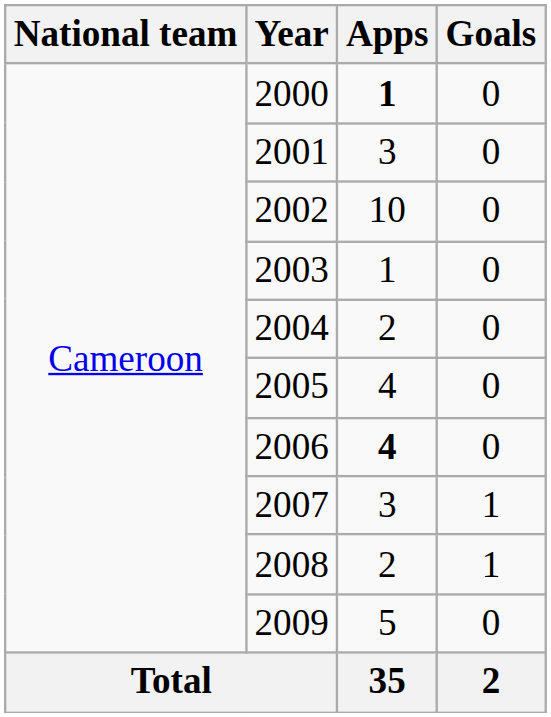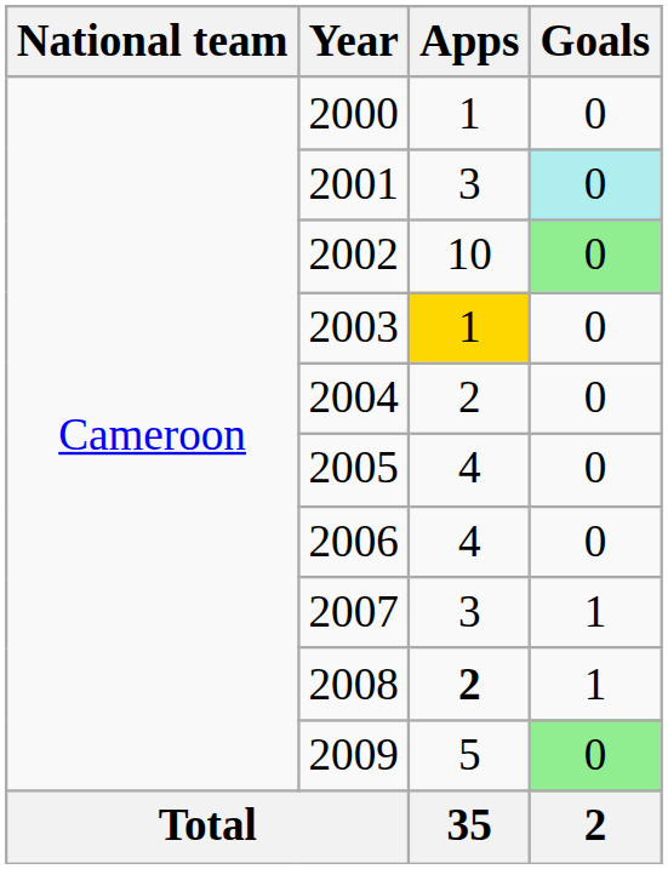 <table class="wikitable" style="text-align: center;">
 <tr>
 <th>National team</th>
 <th>Year</th>
 <th>Apps</th>
 <th>Goals</th>
 </tr>
 <tr>
 <td rowspan="10"><a href='#'>Cameroon</a></td>
 <td>2000</td>
-<td><strong>1</strong></td>
+<td>1</td>
 <td>0</td>
 </tr>
 <tr>
 <td>2001</td>
 <td>3</td>
-<td>0</td>
+<td style="background: paleturquoise;">0</td>
 </tr>
 <tr>
 <td>2002</td>
 <td>10</td>
-<td>0</td>
+<td style="background: lightgreen;">0</td>
 </tr>
 <tr>
 <td>2003</td>
-<td>1</td>
+<td style="background: gold;">1</td>
 <td>0</td>
 </tr>
 <tr>
 <td>2004</td>
 <td>2</td>
 <td>0</td>
 </tr>
 <tr>
 <td>2005</td>
 <td>4</td>
 <td>0</td>
 </tr>
 <tr>
 <td>2006</td>
-<td><strong>4</strong></td>
+<td>4</td>
 <td>0</td>
 </tr>
 <tr>
 <td>2007</td>
 <td>3</td>
 <td>1</td>
 </tr>
 <tr>
 <td>2008</td>
-<td>2</td>
+<td><strong>2</strong></td>
 <td>1</td>
 </tr>
 <tr>
 <td>2009</td>
 <td>5</td>
-<td>0</td>
+<td style="background: lightgreen;">0</td>
 </tr>
 <tr>
 <th colspan="2">Total</th>
 <th>35</th>
 <th>2</th>
 </tr>
 </table>
